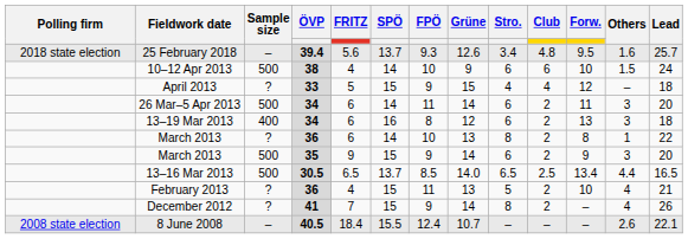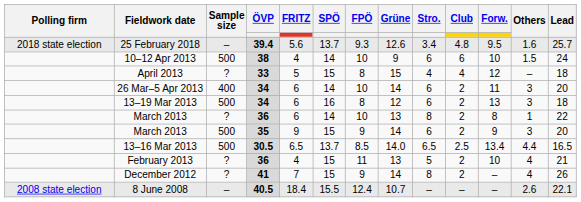 <table class="wikitable sortable" style="text-align:center;font-size:90%;line-height:14px;">
 <tr style="height:40px;">
 <th style="width:150px;" rowspan="2">Polling firm</th>
 <th style="width:125px;" rowspan="2">Fieldwork date</th>
 <th style="width:35px;" rowspan="2">Sample<br>size</th>
 <th class="unsortable" style="width:40px;"><a href='#'>ÖVP</a></th>
 <th class="unsortable" style="width:40px;"><a href='#'>FRITZ</a></th>
 <th class="unsortable" style="width:40px;"><a href='#'>SPÖ</a></th>
 <th class="unsortable" style="width:40px;"><a href='#'>FPÖ</a></th>
 <th class="unsortable" style="width:40px;"><a href='#'>Grüne</a></th>
 <th class="unsortable" style="width:40px;"><a href='#'>Stro.</a></th>
 <th class="unsortable" style="width:40px;"><a href='#'>Club</a></th>
 <th class="unsortable" style="width:40px;"><a href='#'>Forw.</a></th>
 <th class="unsortable" style="width:40px;" rowspan="2">Others</th>
 <th style="width:30px;" rowspan="2">Lead</th>
 </tr>
 <tr>
 <th style="background:"></th>
 <th style="background:#E43226;"></th>
 <th style="background:"></th>
 <th style="background:"></th>
 <th style="background:"></th>
 <th style="background:"></th>
 <th style="background:gold;"></th>
 <th style="background:#FFD504;"></th>
 </tr>
 <tr style="background:#E9E9E9;">
 <td>2018 state election</td>
 <td data-sort-value="2018-02-25">25 February 2018</td>
 <td>–</td>
 <td style="background:#D9D9D9;"><strong>39.4</strong></td>
 <td>5.6</td>
 <td>13.7</td>
 <td>9.3</td>
 <td>12.6</td>
 <td>3.4</td>
 <td>4.8</td>
 <td>9.5</td>
 <td>1.6</td>
 <td style="background:">25.7</td>
 </tr>
 <tr>
 <td></td>
 <td data-sort-value="2013-04-16">10–12 Apr 2013</td>
 <td>500</td>
 <td style="background:#D9D9D9;"><strong>38</strong></td>
 <td>4</td>
 <td>14</td>
 <td>10</td>
 <td>9</td>
 <td>6</td>
 <td>6</td>
 <td>10</td>
 <td>1.5</td>
 <td style="background:">24</td>
 </tr>
 <tr>
 <td></td>
 <td data-sort-value="2013-04-12">April 2013</td>
 <td>?</td>
 <td style="background:#D9D9D9;"><strong>33</strong></td>
 <td>5</td>
 <td>15</td>
-<td>9</td>
+<td>8</td>
 <td>15</td>
 <td>4</td>
 <td>4</td>
 <td>12</td>
 <td>–</td>
 <td style="background:">18</td>
 </tr>
 <tr>
 <td></td>
 <td data-sort-value="2013-04-09">26 Mar–5 Apr 2013</td>
-<td>500</td>
+<td>400</td>
 <td style="background:#D9D9D9;"><strong>34</strong></td>
 <td>6</td>
 <td>14</td>
-<td>11</td>
+<td>10</td>
 <td>14</td>
 <td>6</td>
 <td>2</td>
 <td>11</td>
 <td>3</td>
 <td style="background:">20</td>
 </tr>
 <tr>
 <td></td>
 <td data-sort-value="2013-04-09">13–19 Mar 2013</td>
-<td>400</td>
+<td>500</td>
 <td style="background:#D9D9D9;"><strong>34</strong></td>
 <td>6</td>
 <td>16</td>
 <td>8</td>
 <td>12</td>
 <td>6</td>
 <td>2</td>
 <td>13</td>
 <td>3</td>
 <td style="background:">18</td>
 </tr>
 <tr>
 <td></td>
 <td data-sort-value="2013-03-29">March 2013</td>
 <td>?</td>
 <td style="background:#D9D9D9;"><strong>36</strong></td>
 <td>6</td>
 <td>14</td>
 <td>10</td>
 <td>13</td>
 <td>8</td>
 <td>2</td>
 <td>8</td>
 <td>1</td>
 <td style="background:">22</td>
 </tr>
 <tr>
 <td></td>
 <td data-sort-value="2013-03-20">March 2013</td>
 <td>500</td>
 <td style="background:#D9D9D9;"><strong>35</strong></td>
 <td>9</td>
 <td>15</td>
 <td>9</td>
 <td>14</td>
 <td>6</td>
 <td>2</td>
 <td>9</td>
 <td>3</td>
 <td style="background:">20</td>
 </tr>
 <tr>
 <td></td>
 <td data-sort-value="2013-03-19">13–16 Mar 2013</td>
 <td>500</td>
 <td style="background:#D9D9D9;"><strong>30.5</strong></td>
 <td>6.5</td>
 <td>13.7</td>
 <td>8.5</td>
 <td>14.0</td>
 <td>6.5</td>
 <td>2.5</td>
 <td>13.4</td>
 <td>4.4</td>
 <td style="background:">16.5</td>
 </tr>
 <tr>
 <td></td>
 <td data-sort-value="2013-02-16">February 2013</td>
 <td>?</td>
 <td style="background:#D9D9D9;"><strong>36</strong></td>
 <td>4</td>
 <td>15</td>
 <td>11</td>
 <td>13</td>
 <td>5</td>
 <td>2</td>
 <td>10</td>
 <td>4</td>
 <td style="background:">21</td>
 </tr>
 <tr>
 <td></td>
 <td data-sort-value="2012-12-28">December 2012</td>
 <td>?</td>
 <td style="background:#D9D9D9;"><strong>41</strong></td>
 <td>7</td>
 <td>15</td>
 <td>9</td>
 <td>14</td>
 <td>8</td>
 <td>2</td>
 <td>–</td>
 <td>4</td>
 <td style="background:">26</td>
 </tr>
 <tr style="background:#E9E9E9;">
 <td><a href='#'>2008 state election</a></td>
 <td data-sort-value="2008-06-08">8 June 2008</td>
 <td>–</td>
 <td style="background:#D9D9D9;"><strong>40.5</strong></td>
 <td>18.4</td>
 <td>15.5</td>
 <td>12.4</td>
 <td>10.7</td>
 <td>–</td>
 <td>–</td>
 <td>–</td>
 <td>2.6</td>
 <td style="background:">22.1</td>
 </tr>
 </table>
